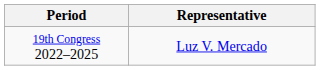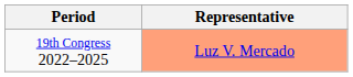 <table class="wikitable" style="text-align:center; width:40%;">
 <tr>
 <th width="40%">Period</th>
 <th>Representative</th>
 </tr>
 <tr>
 <td><small><a href='#'>19th Congress</a></small><br>2022–2025</td>
-<td><a href='#'>Luz V. Mercado</a></td>
+<td style="background: lightsalmon;"><a href='#'>Luz V. Mercado</a></td>
 </tr>
 </table>
